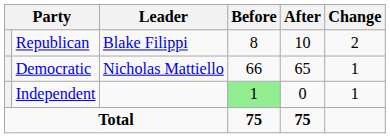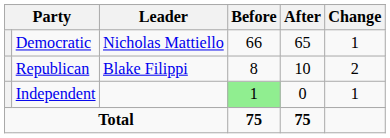 <table class="wikitable" style="text-align:center;">
 <tr>
 </tr>
 <tr>
 <th colspan=2>Party</th>
 <th>Leader</th>
 <th>Before</th>
 <th>After</th>
 <th>Change</th>
 </tr>
 <tr>
 <th style="background-color:"></th>
+<td style="text-align:left;"><a href='#'>Democratic</a></td>
+<td style="text-align:left;"><a href='#'>Nicholas Mattiello</a></td>
+<td>66</td>
+<td>65</td>
+<td> 1</td>
+</tr>
+<tr>
+<th style="background-color:"></th>
 <td style="text-align:left;"><a href='#'>Republican</a></td>
 <td style="text-align:left;"><a href='#'>Blake Filippi</a></td>
 <td>8</td>
 <td>10</td>
 <td> 2</td>
-</tr>
-<tr>
-<th style="background-color:"></th>
-<td style="text-align:left;"><a href='#'>Democratic</a></td>
-<td style="text-align:left;"><a href='#'>Nicholas Mattiello</a></td>
-<td>66</td>
-<td>65</td>
-<td> 1</td>
 </tr>
 <tr>
 <th style="background-color:"></th>
 <td style="text-align:left;"><a href='#'>Independent</a></td>
 <td></td>
 <td style="background: lightgreen;">1</td>
 <td>0</td>
 <td> 1</td>
 </tr>
 <tr>
 <td colspan=3><strong>Total</strong></td>
 <td><strong>75</strong></td>
 <td><strong>75</strong></td>
 <td></td>
 </tr>
 </table>
